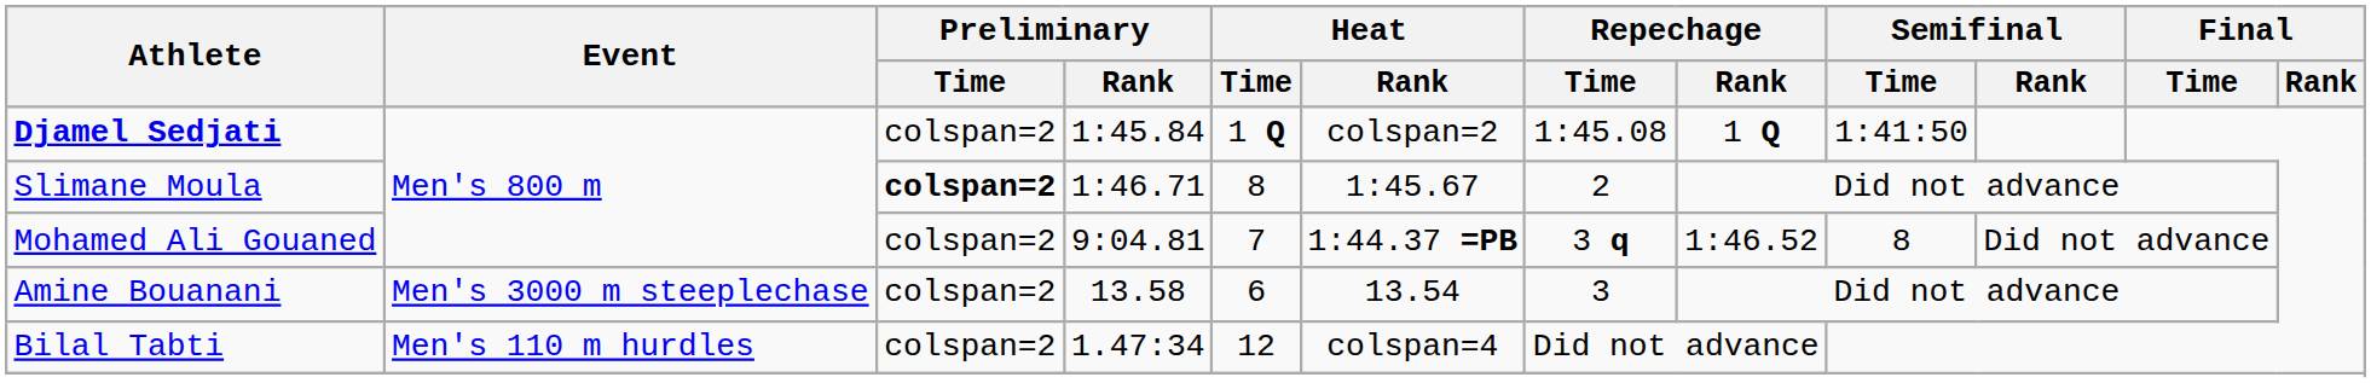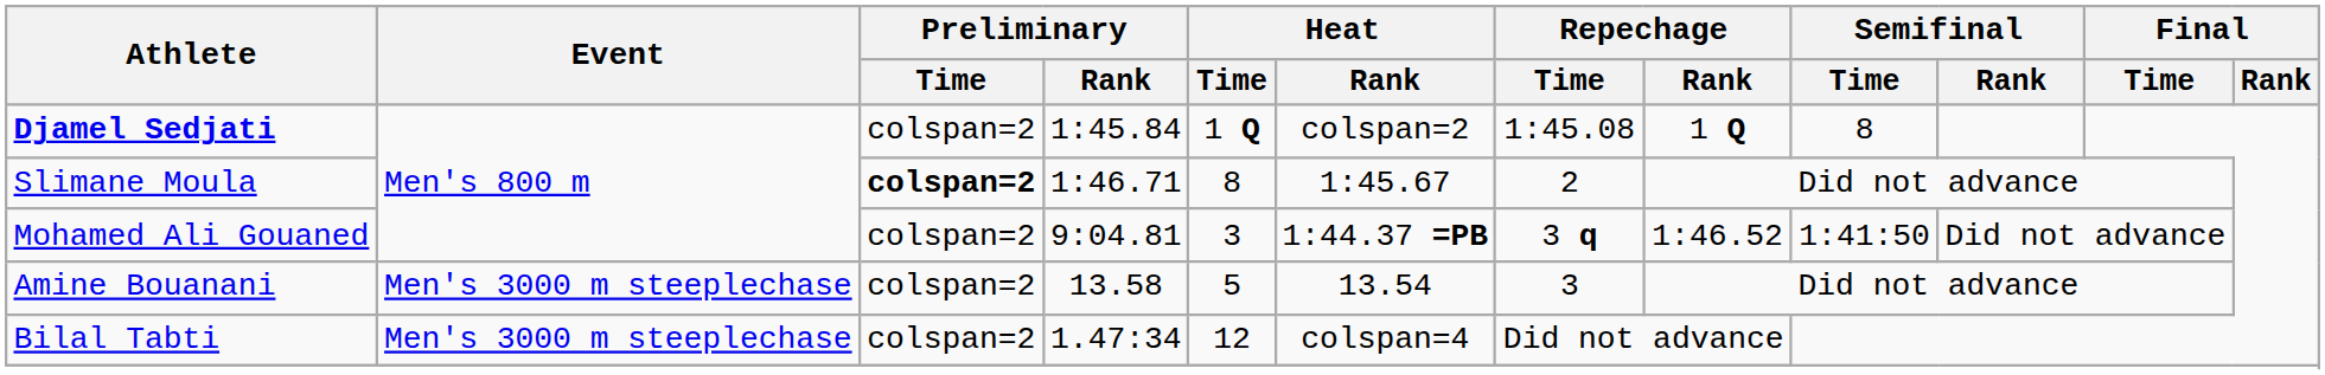 <table class="wikitable" style="font-size:90%">
 <tr>
 <th rowspan=2>Athlete</th>
 <th rowspan=2>Event</th>
 <th colspan=2>Preliminary</th>
 <th colspan=2>Heat</th>
 <th colspan=2>Repechage</th>
 <th colspan=2>Semifinal</th>
 <th colspan=2>Final</th>
 </tr>
 <tr style=font-size:95%>
 <th>Time</th>
 <th>Rank</th>
 <th>Time</th>
 <th>Rank</th>
 <th>Time</th>
 <th>Rank</th>
 <th>Time</th>
 <th>Rank</th>
 <th>Time</th>
 <th>Rank</th>
 </tr>
 <tr align=center>
 <td align=left><strong><a href='#'>Djamel Sedjati</a></strong></td>
 <td align=left rowspan=3><a href='#'>Men's 800 m</a></td>
 <td>colspan=2 </td>
 <td>1:45.84</td>
 <td>1 <strong>Q</strong></td>
 <td>colspan=2 </td>
 <td>1:45.08</td>
 <td>1 <strong>Q</strong></td>
-<td>1:41:50</td>
+<td>8</td>
 <td></td>
 </tr>
 <tr align=center>
 <td align=left><a href='#'>Slimane Moula</a></td>
 <td><strong>colspan=2 </strong></td>
 <td>1:46.71</td>
 <td>8</td>
 <td>1:45.67</td>
 <td>2</td>
 <td colspan=4>Did not advance</td>
 </tr>
 <tr align=center>
 <td align=left><a href='#'>Mohamed Ali Gouaned</a></td>
 <td>colspan=2 </td>
 <td>9:04.81</td>
-<td>7</td>
+<td>3</td>
 <td>1:44.37 <strong>=PB</strong></td>
 <td>3 <strong>q</strong></td>
 <td>1:46.52</td>
-<td>8</td>
+<td>1:41:50</td>
 <td colspan=2>Did not advance</td>
 </tr>
 <tr align=center>
 <td align=left><a href='#'>Amine Bouanani</a></td>
 <td align=left><a href='#'>Men's 3000 m steeplechase</a></td>
 <td>colspan=2 </td>
 <td>13.58</td>
-<td>6</td>
+<td>5</td>
 <td>13.54</td>
 <td>3</td>
 <td colspan=4>Did not advance</td>
 </tr>
 <tr align=center>
 <td align=left><a href='#'>Bilal Tabti</a></td>
-<td align=left><a href='#'>Men's 110 m hurdles</a></td>
+<td align=left><a href='#'>Men's 3000 m steeplechase</a></td>
 <td>colspan=2 </td>
 <td>1.47:34</td>
 <td>12</td>
 <td>colspan=4 </td>
 <td colspan=2>Did not advance</td>
 </tr>
 <tr>
 </tr>
 </table>
